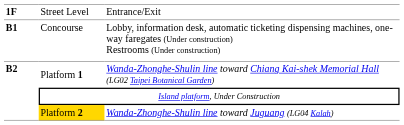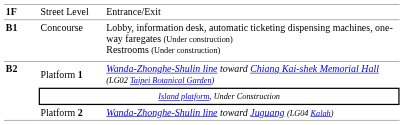 <table table border=0 cellspacing=0 cellpadding=3>
 <tr>
 <td style="border-bottom:solid 1px gray;border-top:solid 1px gray;" width=50 valign=top><strong>1F</strong></td>
 <td style="border-top:solid 1px gray;border-bottom:solid 1px gray;" width=100 valign=top>Street Level</td>
 <td style="border-top:solid 1px gray;border-bottom:solid 1px gray;" width=470 valign=top>Entrance/Exit</td>
 </tr>
 <tr>
 <td style="border-bottom:solid 1px gray;" rowspan=2 valign=top width=50><strong>B1</strong></td>
 <td style="border-bottom:solid 1px gray;" rowspan=2 valign=top width=100>Concourse</td>
 <td width=390>Lobby, information desk, automatic ticketing dispensing machines, one-way faregates <small>(Under construction)</small><br>Restrooms <small>(Under construction)</small></td>
 </tr>
 <tr>
 <td style="border-bottom:solid 1px gray;"></td>
 </tr>
 <tr>
 <td style="border-bottom:solid 1px gray;" rowspan=3 valign=top><strong>B2</strong></td>
 <td>Platform <span><strong>1</strong></span></td>
 <td><em> <a href='#'>Wanda-Zhonghe-Shulin line</a> toward <a href='#'>Chiang Kai-shek Memorial Hall</a> <small>(LG02 <a href='#'>Taipei Botanical Garden</a>)</small></em></td>
 </tr>
 <tr>
 <td style="border:solid 2px black; text-align:center;" colspan="2"><em><small><a href='#'>Island platform</a>, Under Construction</small></em></td>
 </tr>
 <tr>
-<td style="background: gold; border-bottom:solid 1px gray;">Platform <span><strong>2</strong></span></td>
+<td style="border-bottom:solid 1px gray;">Platform <span><strong>2</strong></span></td>
 <td style="border-bottom:solid 1px gray;"><em> <a href='#'>Wanda-Zhonghe-Shulin line</a> toward <a href='#'>Juguang</a> <small>(LG04 <a href='#'>Kalah</a>)</small></em></td>
 </tr>
 </table>
